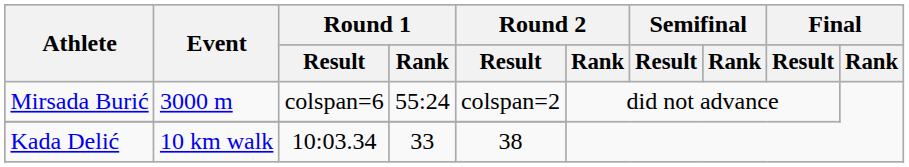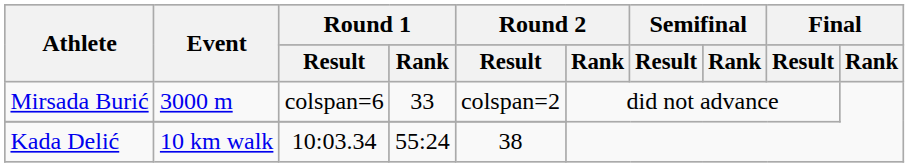 <table class="wikitable" style="font-size:90%; text-align: center">
 <tr>
 <th rowspan="2">Athlete</th>
 <th rowspan="2">Event</th>
 <th colspan="2">Round 1</th>
 <th colspan="2">Round 2</th>
 <th colspan="2">Semifinal</th>
 <th colspan="2">Final</th>
 </tr>
 <tr style="font-size:95%">
 <th>Result</th>
 <th>Rank</th>
 <th>Result</th>
 <th>Rank</th>
 <th>Result</th>
 <th>Rank</th>
 <th>Result</th>
 <th>Rank</th>
 </tr>
 <tr align=center>
 <td align=left><a href='#'>Mirsada Burić</a></td>
 <td align=left><a href='#'>3000 m</a></td>
 <td>colspan=6 </td>
-<td>55:24</td>
+<td>33</td>
 <td>colspan=2 </td>
 <td colspan=4>did not advance</td>
 </tr>
 <tr>
 </tr>
 <tr align=center>
 <td align=left><a href='#'>Kada Delić</a></td>
 <td align=left><a href='#'>10 km walk</a></td>
 <td>10:03.34</td>
-<td>33</td>
+<td>55:24</td>
 <td>38</td>
 </tr>
 </table>
